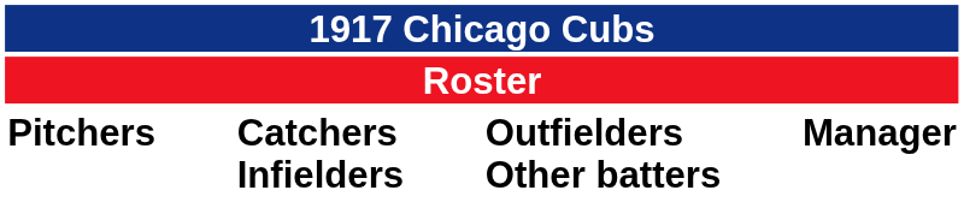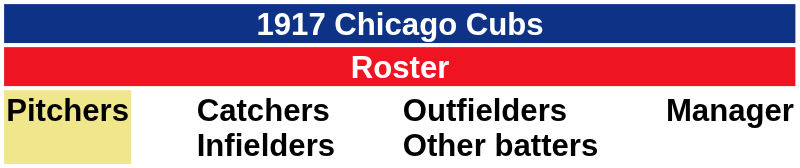 <table class="toccolours" style="font-size: 95%;">
 <tr>
 <th colspan="10" style="background-color: #0e3386; color: white; text-align: center;">1917 Chicago Cubs</th>
 </tr>
 <tr>
 <td colspan="10" style="background-color: #EE1422; color: white; text-align: center;"><strong>Roster</strong></td>
 </tr>
 <tr>
-<td valign="top"><strong>Pitchers</strong><br>           </td>
+<td valign="top" style="background: khaki;"><strong>Pitchers</strong><br>           </td>
 <td width="25px"></td>
 <td valign="top"><strong>Catchers</strong><br>    <strong>Infielders</strong>           </td>
 <td width="25px"></td>
 <td valign="top"><strong>Outfielders</strong><br>        <strong>Other batters</strong>  </td>
 <td width="25px"></td>
 <td valign="top"><strong>Manager</strong><br></td>
 </tr>
 </table>
